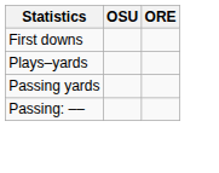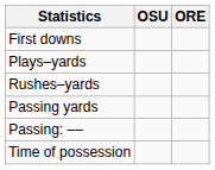 <table class="wikitable" style="float:left">
 <tr>
 <th>Statistics</th>
 <th>OSU</th>
 <th>ORE</th>
 </tr>
 <tr>
 <td>First downs</td>
 <td></td>
 <td></td>
 </tr>
 <tr>
 <td>Plays–yards</td>
 <td></td>
 <td></td>
 </tr>
 <tr>
+<td>Rushes–yards</td>
+<td></td>
+<td></td>
+</tr>
+<tr>
 <td>Passing yards</td>
 <td></td>
 <td></td>
 </tr>
 <tr>
 <td>Passing: ––</td>
 <td></td>
 <td></td>
 </tr>
+<tr>
+<td>Time of possession</td>
+<td></td>
+<td></td>
+</tr>
 </table>
